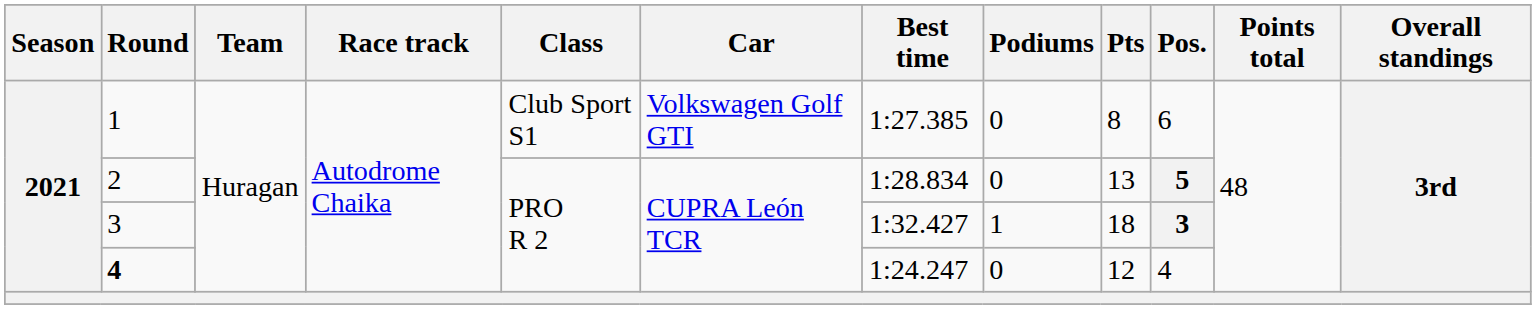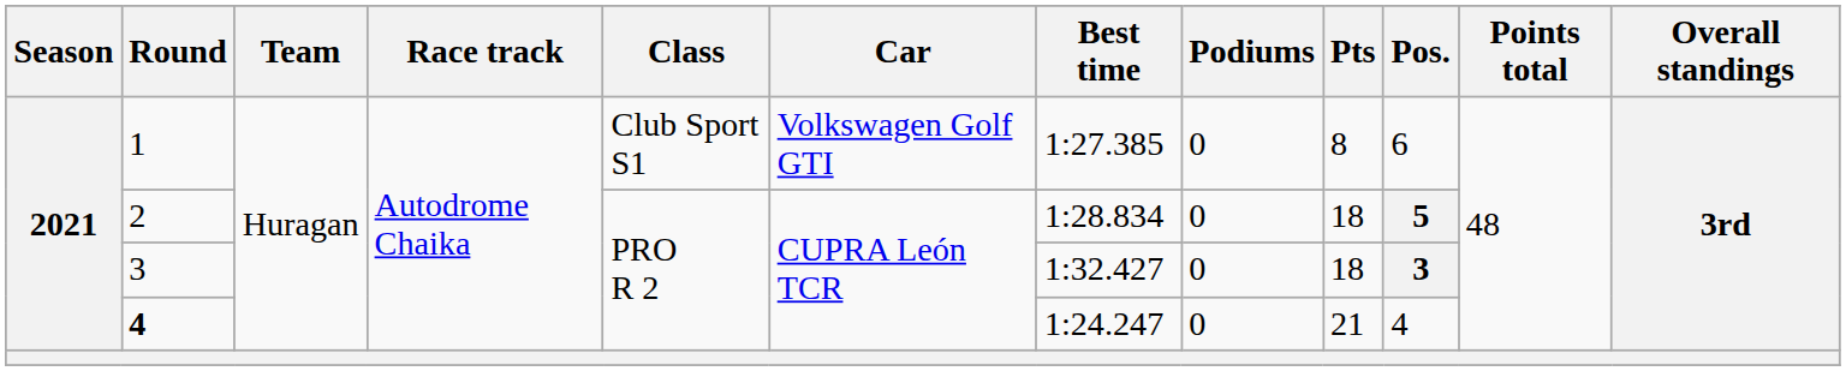 <table class="wikitable">
 <tr>
 <th>Season</th>
 <th>Round</th>
 <th>Team</th>
 <th>Race track</th>
 <th>Class</th>
 <th>Car</th>
 <th>Best time</th>
 <th>Podiums</th>
 <th>Pts</th>
 <th>Pos.</th>
 <th>Points total</th>
 <th>Overall standings</th>
 </tr>
 <tr>
 <th rowspan="4"><strong>2021</strong></th>
 <td>1</td>
 <td rowspan="4">Huragan</td>
 <td rowspan="4"><a href='#'>Autodrome Chaika</a></td>
 <td>Club Sport S1</td>
 <td><a href='#'>Volkswagen Golf GTI</a></td>
 <td>1:27.385</td>
 <td>0</td>
 <td>8</td>
 <td>6</td>
 <td rowspan="4">48</td>
 <th rowspan="4"><strong>3rd</strong></th>
 </tr>
 <tr>
 <td>2</td>
 <td rowspan="3">PRO<br>R 2</td>
 <td rowspan="3"><a href='#'>CUPRA León TCR</a></td>
 <td>1:28.834</td>
 <td>0</td>
-<td>13</td>
+<td>18</td>
 <th>5</th>
 </tr>
 <tr>
 <td>3</td>
 <td>1:32.427</td>
-<td>1</td>
+<td>0</td>
 <td>18</td>
 <th>3</th>
 </tr>
 <tr>
 <td><strong>4</strong></td>
 <td>1:24.247</td>
 <td>0</td>
-<td>12</td>
+<td>21</td>
 <td>4</td>
 </tr>
 <tr>
 <th colspan="12"><small></small></th>
 </tr>
 </table>
